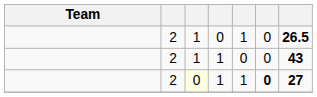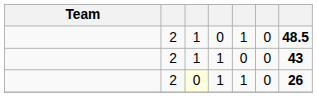 <table class="wikitable" style="text-align:center;">
 <tr>
 <th style="width:175px;">Team</th>
 <th width="20"></th>
 <th width="20"></th>
 <th width="20"></th>
 <th width="20"></th>
 <th width="20"></th>
 <th width="20"></th>
 </tr>
 <tr>
 <td style="text-align:left;"></td>
 <td>2</td>
 <td>1</td>
 <td>0</td>
 <td>1</td>
 <td>0</td>
-<td><strong>26.5</strong></td>
+<td><strong>48.5</strong></td>
 </tr>
 <tr>
 <td style="text-align:left;"></td>
 <td>2</td>
 <td>1</td>
 <td>1</td>
 <td>0</td>
 <td>0</td>
 <td><strong>43</strong></td>
 </tr>
 <tr>
 <td style="text-align:left;"></td>
 <td>2</td>
 <td style="background: lightyellow;">0</td>
 <td>1</td>
 <td>1</td>
-<td><strong>0</strong></td>
-<td><strong>27</strong></td>
+<td>0</td>
+<td><strong>26</strong></td>
 </tr>
 <tr>
 </tr>
 </table>
